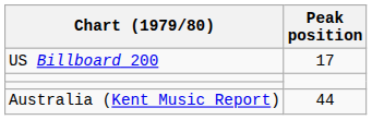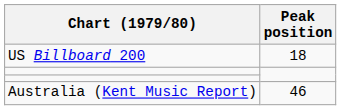 <table class="wikitable">
 <tr>
 <th scope="col">Chart (1979/80)</th>
 <th>Peak<br>position</th>
 </tr>
 <tr>
 <td>US <a href='#'><em>Billboard</em> 200</a></td>
-<td style="text-align:center;">17</td>
+<td style="text-align:center;">18</td>
 </tr>
 <tr>
 <td></td>
 </tr>
 <tr>
 <td></td>
 </tr>
 <tr>
 <td>Australia (<a href='#'>Kent Music Report</a>)</td>
-<td style="text-align:center;">44</td>
+<td style="text-align:center;">46</td>
 </tr>
 </table>
